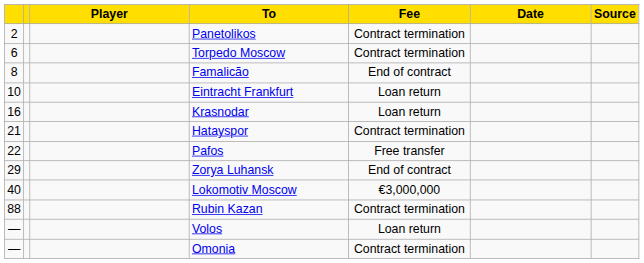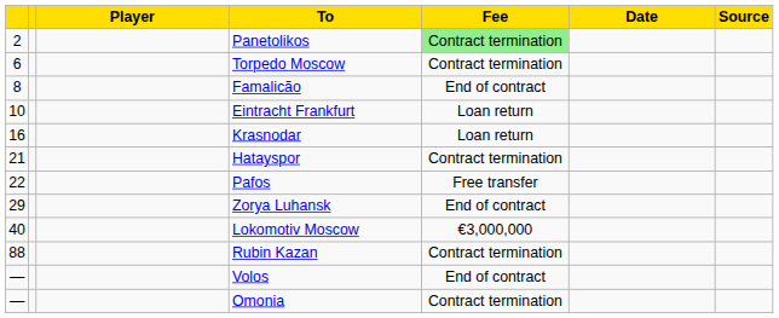 <table class="wikitable sortable">
 <tr>
 <th style="background:#FFDE00"></th>
 <th style="background:#FFDE00"></th>
 <th width=200 style="background:#FFDE00">Player</th>
 <th width=200 style="background:#FFDE00">To</th>
 <th width=150 style="background:#FFDE00">Fee</th>
 <th width=150 style="background:#FFDE00">Date</th>
 <th style="background:#FFDE00">Source</th>
 </tr>
 <tr>
 <td align=center>2</td>
 <td align=center></td>
 <td></td>
 <td> <a href='#'>Panetolikos</a></td>
-<td align=center>Contract termination</td>
+<td align=center style="background: lightgreen;">Contract termination</td>
 <td align=center></td>
 <td align=center></td>
 </tr>
 <tr>
 <td align=center>6</td>
 <td align=center></td>
 <td></td>
 <td> <a href='#'>Torpedo Moscow</a></td>
 <td align=center>Contract termination</td>
 <td align=center></td>
 <td align=center></td>
 </tr>
 <tr>
 <td align=center>8</td>
 <td align=center></td>
 <td></td>
 <td> <a href='#'>Famalicão</a></td>
 <td align=center>End of contract</td>
 <td align=center></td>
 <td align=center></td>
 </tr>
 <tr>
 <td align=center>10</td>
 <td align=center></td>
 <td></td>
 <td> <a href='#'>Eintracht Frankfurt</a></td>
 <td align=center>Loan return</td>
 <td align=center></td>
 <td align=center></td>
 </tr>
 <tr>
 <td align=center>16</td>
 <td align=center></td>
 <td></td>
 <td> <a href='#'>Krasnodar</a></td>
 <td align=center>Loan return</td>
 <td align=center></td>
 <td align=center></td>
 </tr>
 <tr>
 <td align=center>21</td>
 <td align=center></td>
 <td></td>
 <td> <a href='#'>Hatayspor</a></td>
 <td align=center>Contract termination</td>
 <td align=center></td>
 <td align=center></td>
 </tr>
 <tr>
 <td align=center>22</td>
 <td align=center></td>
 <td></td>
 <td> <a href='#'>Pafos</a></td>
 <td align=center>Free transfer</td>
 <td align=center></td>
 <td align=center></td>
 </tr>
 <tr>
 <td align=center>29</td>
 <td align=center></td>
 <td></td>
 <td> <a href='#'>Zorya Luhansk</a></td>
 <td align=center>End of contract</td>
 <td align=center></td>
 <td align=center></td>
 </tr>
 <tr>
 <td align=center>40</td>
 <td align=center></td>
 <td></td>
 <td> <a href='#'>Lokomotiv Moscow</a></td>
 <td align=center>€3,000,000</td>
 <td align=center></td>
 <td align=center></td>
 </tr>
 <tr>
 <td align=center>88</td>
 <td align=center></td>
 <td></td>
 <td> <a href='#'>Rubin Kazan</a></td>
 <td align=center>Contract termination</td>
 <td align=center></td>
 <td align=center></td>
 </tr>
 <tr>
 <td align=center>—</td>
 <td align=center></td>
 <td></td>
 <td> <a href='#'>Volos</a></td>
-<td align=center>Loan return</td>
+<td align=center>End of contract</td>
 <td align=center></td>
 <td align=center></td>
 </tr>
 <tr>
 <td align=center>—</td>
 <td align=center></td>
 <td></td>
 <td> <a href='#'>Omonia</a></td>
 <td align=center>Contract termination</td>
 <td align=center></td>
 <td align=center></td>
 </tr>
 </table>
